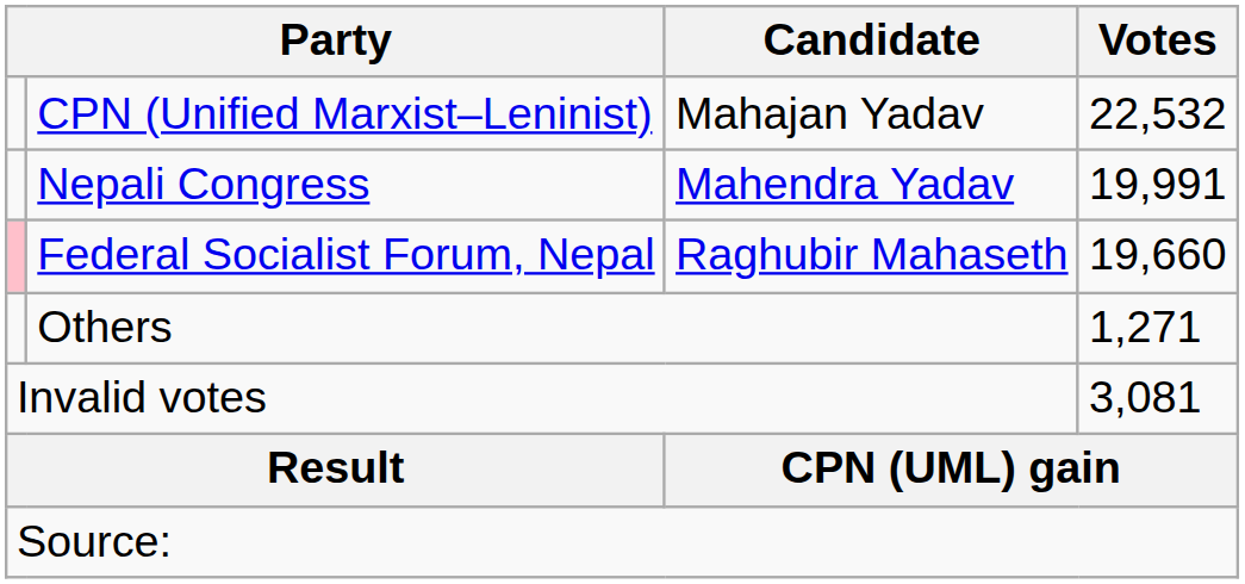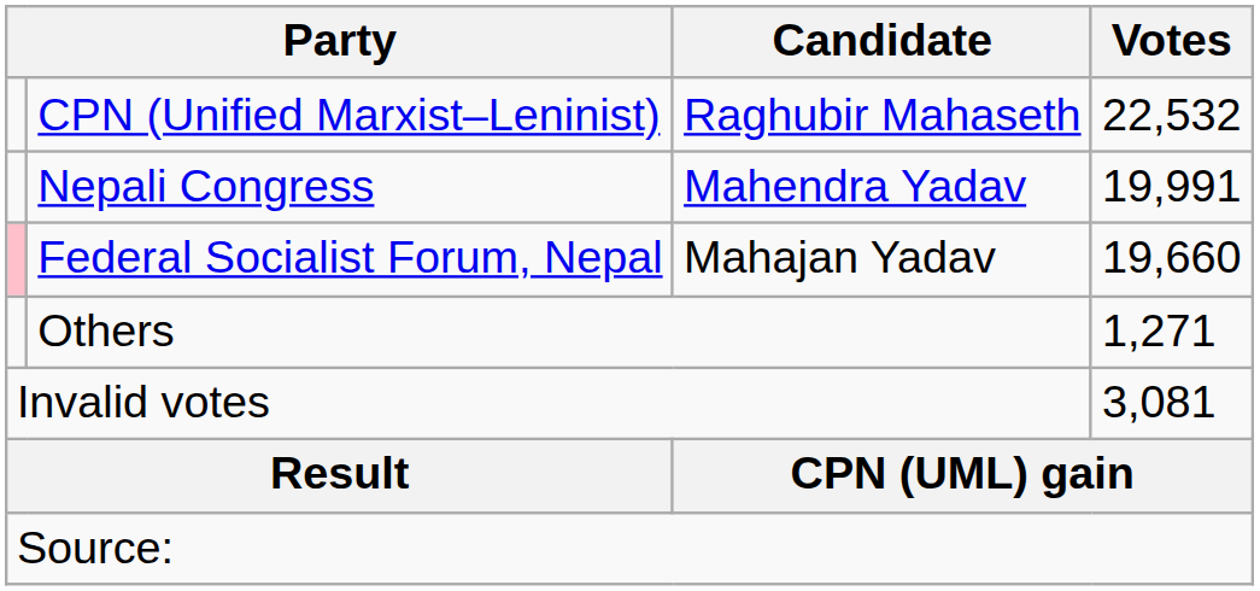 <table class="wikitable">
 <tr>
 <th colspan="2">Party</th>
 <th>Candidate</th>
 <th>Votes</th>
 </tr>
 <tr>
 <td style="background-color:"></td>
 <td><a href='#'>CPN (Unified Marxist–Leninist)</a></td>
-<td>Mahajan Yadav</td>
+<td><a href='#'>Raghubir Mahaseth</a></td>
 <td>22,532</td>
 </tr>
 <tr>
 <td style="background-color:"></td>
 <td><a href='#'>Nepali Congress</a></td>
 <td><a href='#'>Mahendra Yadav</a></td>
 <td>19,991</td>
 </tr>
 <tr>
 <td style="background-color:#ffc0cb"></td>
 <td><a href='#'>Federal Socialist Forum, Nepal</a></td>
-<td><a href='#'>Raghubir Mahaseth</a></td>
+<td>Mahajan Yadav</td>
 <td>19,660</td>
 </tr>
 <tr>
 <td></td>
 <td colspan="2">Others</td>
 <td>1,271</td>
 </tr>
 <tr>
 <td colspan="3">Invalid votes</td>
 <td>3,081</td>
 </tr>
 <tr>
 <th colspan="2">Result</th>
 <th colspan="2">CPN (UML) gain</th>
 </tr>
 <tr>
 <td colspan="4">Source: </td>
 </tr>
 </table>
